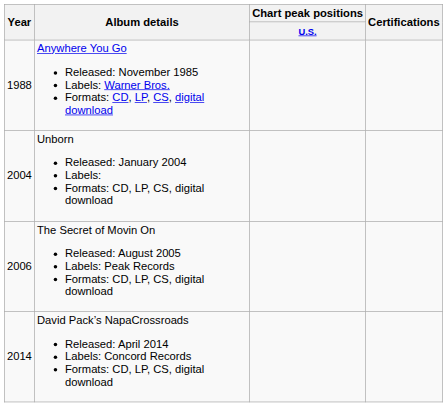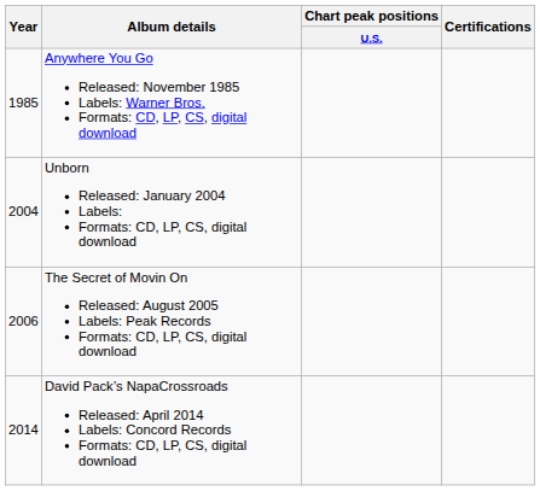 <table class="wikitable" border="1">
 <tr>
 <th rowspan="2">Year</th>
 <th rowspan="2" width="300">Album details</th>
 <th>Chart peak positions</th>
 <th rowspan="2">Certifications</th>
 </tr>
 <tr>
 <th><small><a href='#'>U.S.</a></small></th>
 </tr>
 <tr>
-<td>1988</td>
+<td>1985</td>
 <td><a href='#'>Anywhere You Go</a><br><ul><li>Released: November 1985</li><li>Labels: <a href='#'>Warner Bros.</a></li><li>Formats: <a href='#'>CD</a>, <a href='#'>LP</a>, <a href='#'>CS</a>, <a href='#'>digital download</a></li></ul></td>
 <td align="center"></td>
 <td></td>
 </tr>
 <tr>
 <td>2004</td>
 <td>Unborn<br><ul><li>Released: January 2004</li><li>Labels:</li><li>Formats: CD, LP, CS, digital download</li></ul></td>
 <td align="center"></td>
 <td></td>
 </tr>
 <tr>
 <td>2006</td>
 <td>The Secret of Movin On<br><ul><li>Released: August 2005</li><li>Labels: Peak Records</li><li>Formats: CD, LP, CS, digital download</li></ul></td>
 <td align="center"></td>
 <td></td>
 </tr>
 <tr>
 <td>2014</td>
 <td>David Pack’s NapaCrossroads<br><ul><li>Released: April 2014</li><li>Labels: Concord Records</li><li>Formats: CD, LP, CS, digital download</li></ul></td>
 <td align="center"></td>
 <td></td>
 </tr>
 </table>
